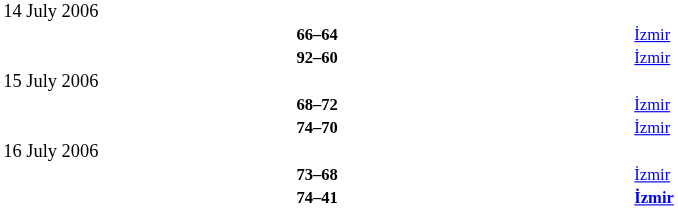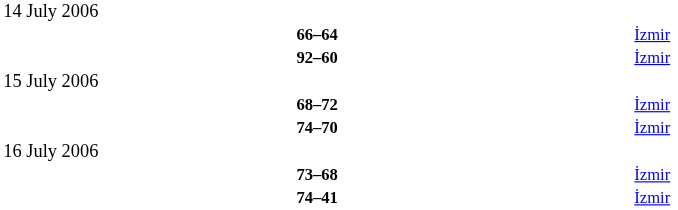 <table style="width:100%;" cellspacing="1">
 <tr>
 <th width=25%></th>
 <th width=3%></th>
 <th width=6%></th>
 <th width=3%></th>
 <th width=25%></th>
 </tr>
 <tr>
 <td>14 July 2006</td>
 </tr>
 <tr style=font-size:90%>
 <td align=right><strong></strong></td>
 <td></td>
 <td align=center><strong>66–64</strong></td>
 <td></td>
 <td><strong></strong></td>
 <td><a href='#'>İzmir</a></td>
 </tr>
 <tr style=font-size:90%>
 <td align=right><strong></strong></td>
 <td></td>
 <td align=center><strong>92–60</strong></td>
 <td></td>
 <td><strong></strong></td>
 <td><a href='#'>İzmir</a></td>
 </tr>
 <tr>
 <td>15 July 2006</td>
 </tr>
 <tr style=font-size:90%>
 <td align=right><strong></strong></td>
 <td></td>
 <td align=center><strong>68–72</strong></td>
 <td></td>
 <td><strong></strong></td>
 <td><a href='#'>İzmir</a></td>
 </tr>
 <tr style=font-size:90%>
 <td align=right><strong></strong></td>
 <td></td>
 <td align=center><strong>74–70</strong></td>
 <td></td>
 <td><strong></strong></td>
 <td><a href='#'>İzmir</a></td>
 </tr>
 <tr>
 <td>16 July 2006</td>
 </tr>
 <tr style=font-size:90%>
 <td align=right><strong></strong></td>
 <td></td>
 <td align=center><strong>73–68</strong></td>
 <td></td>
 <td><strong></strong></td>
 <td><a href='#'>İzmir</a></td>
 </tr>
 <tr style=font-size:90%>
 <td align=right><strong></strong></td>
 <td></td>
 <td align=center><strong>74–41</strong></td>
 <td></td>
 <td><strong></strong></td>
-<td><strong><a href='#'>İzmir</a></strong></td>
+<td><a href='#'>İzmir</a></td>
 </tr>
 </table>
